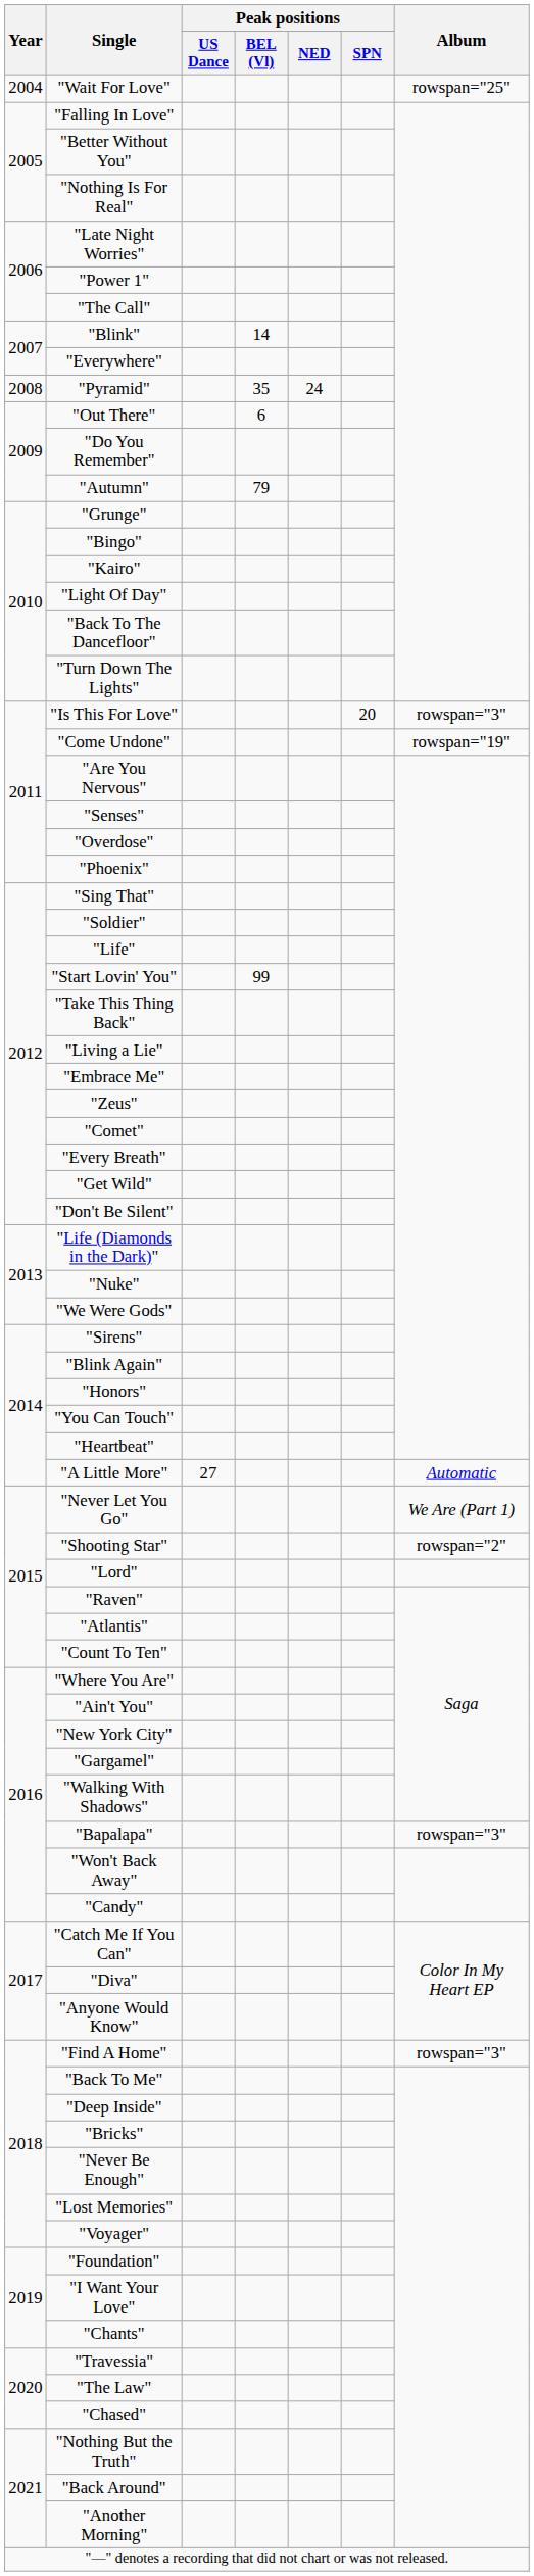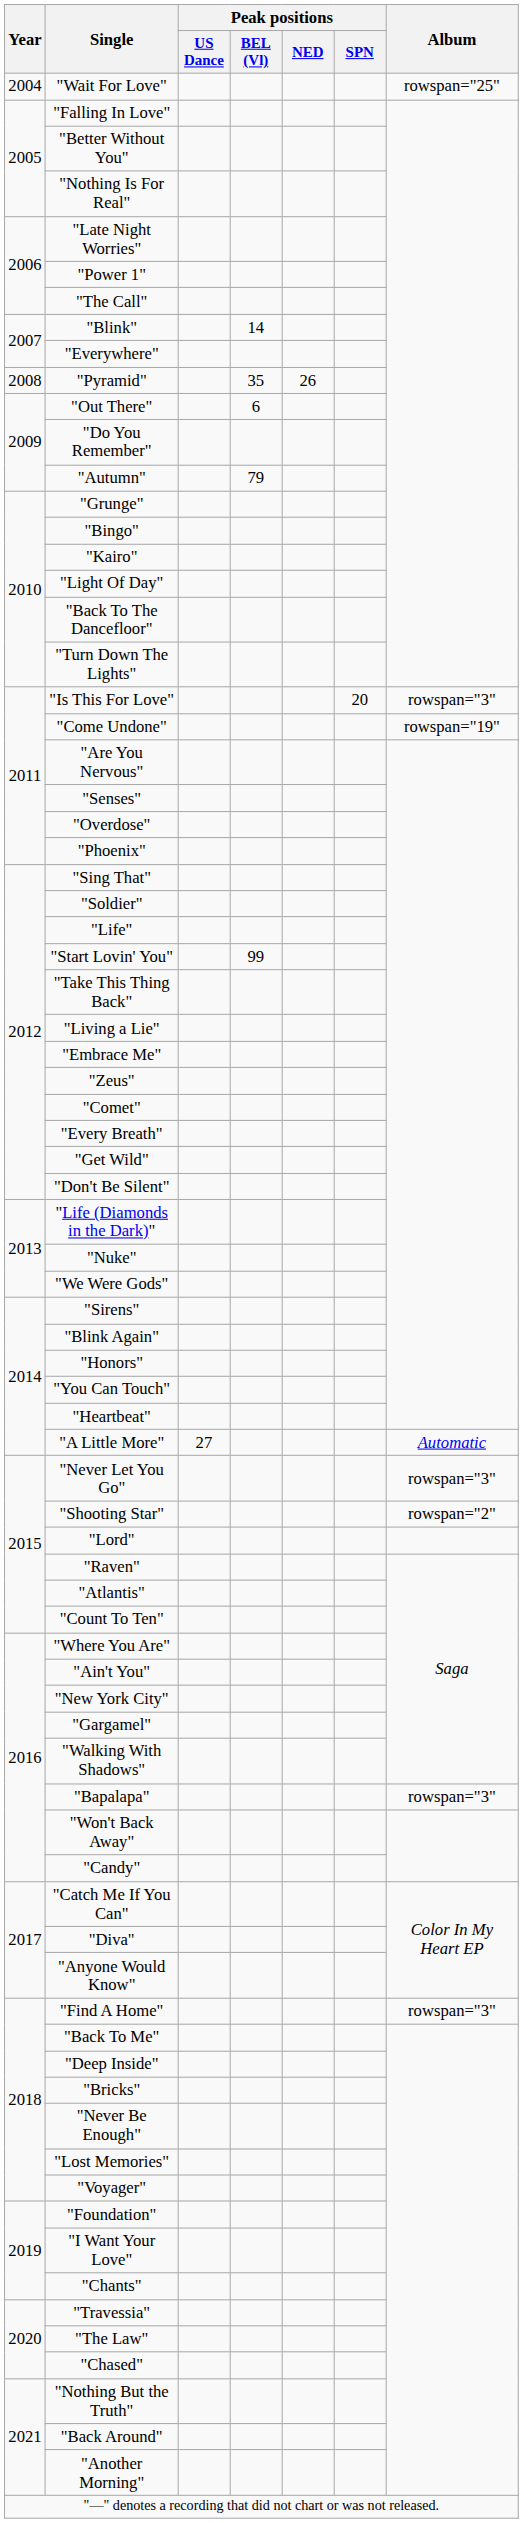 <table class="wikitable plainrowheaders" style="text-align:center;">
 <tr>
 <th align="center" rowspan=2 width="10">Year</th>
 <th align="center" rowspan=2 width="120">Single</th>
 <th align="center" colspan=4 width="30">Peak positions</th>
 <th align="center" rowspan=2 width="120">Album</th>
 </tr>
 <tr>
 <th scope="col" style="width:3em;font-size:90%;"><a href='#'>US Dance</a> <br></th>
 <th scope="col" style="width:3em;font-size:90%;"><a href='#'>BEL <br>(Vl)</a> <br></th>
 <th scope="col" style="width:3em;font-size:90%;"><a href='#'>NED</a></th>
 <th scope="col" style="width:3em;font-size:90%;"><a href='#'>SPN</a></th>
 </tr>
 <tr>
 <td>2004</td>
 <td>"Wait For Love"</td>
 <td align="center"></td>
 <td align="center"></td>
 <td align="center"></td>
 <td align="center"></td>
 <td>rowspan="25" </td>
 </tr>
 <tr>
 <td rowspan="3">2005</td>
 <td>"Falling In Love" <br> </td>
 <td align="center"></td>
 <td align="center"></td>
 <td align="center"></td>
 <td align="center"></td>
 </tr>
 <tr>
 <td>"Better Without You"</td>
 <td align="center"></td>
 <td align="center"></td>
 <td align="center"></td>
 <td align="center"></td>
 </tr>
 <tr>
 <td>"Nothing Is For Real" <br> </td>
 <td align="center"></td>
 <td align="center"></td>
 <td align="center"></td>
 <td align="center"></td>
 </tr>
 <tr>
 <td rowspan="3">2006</td>
 <td>"Late Night Worries" <br> </td>
 <td align="center"></td>
 <td align="center"></td>
 <td align="center"></td>
 <td align="center"></td>
 </tr>
 <tr>
 <td>"Power 1"</td>
 <td align="center"></td>
 <td align="center"></td>
 <td align="center"></td>
 <td align="center"></td>
 </tr>
 <tr>
 <td>"The Call" <br> </td>
 <td align="center"></td>
 <td align="center"></td>
 <td align="center"></td>
 <td align="center"></td>
 </tr>
 <tr>
 <td align="center" rowspan=2>2007</td>
 <td>"Blink"</td>
 <td align="center"></td>
 <td align="center">14<br></td>
 <td align="center"></td>
 <td align="center"></td>
 </tr>
 <tr>
 <td>"Everywhere" <br></td>
 <td align="center"></td>
 <td align="center"></td>
 <td align="center"></td>
 <td align="center"></td>
 </tr>
 <tr>
 <td align="center" rowspan=1>2008</td>
 <td>"Pyramid"</td>
 <td align="center"></td>
 <td align="center">35<br></td>
-<td align="center">24</td>
+<td align="center">26</td>
 <td align="center"></td>
 </tr>
 <tr>
 <td align="center" rowspan=3>2009</td>
 <td>"Out There" <br> </td>
 <td align="center"></td>
 <td align="center">6 <br></td>
 <td align="center"></td>
 <td align="center"></td>
 </tr>
 <tr>
 <td>"Do You Remember" </td>
 <td align="center"></td>
 <td align="center"></td>
 <td align="center"></td>
 <td align="center"></td>
 </tr>
 <tr>
 <td>"Autumn"</td>
 <td align="center"></td>
 <td align="center">79 <br></td>
 <td align="center"></td>
 <td align="center"></td>
 </tr>
 <tr>
 <td align="center" rowspan=6>2010</td>
 <td>"Grunge"</td>
 <td align="center"></td>
 <td align="center"></td>
 <td align="center"></td>
 <td align="center"></td>
 </tr>
 <tr>
 <td>"Bingo" <br></td>
 <td align="center"></td>
 <td align="center"></td>
 <td align="center"></td>
 <td align="center"></td>
 </tr>
 <tr>
 <td>"Kairo"</td>
 <td align="center"></td>
 <td align="center"></td>
 <td align="center"></td>
 <td align="center"></td>
 </tr>
 <tr>
 <td>"Light Of Day" <br></td>
 <td align="center"></td>
 <td align="center"></td>
 <td align="center"></td>
 <td align="center"></td>
 </tr>
 <tr>
 <td>"Back To The Dancefloor"</td>
 <td align="center"></td>
 <td align="center"></td>
 <td align="center"></td>
 <td align="center"></td>
 </tr>
 <tr>
 <td>"Turn Down The Lights" <br></td>
 <td align="center"></td>
 <td align="center"></td>
 <td align="center"></td>
 <td align="center"></td>
 </tr>
 <tr>
 <td align="center" rowspan=6>2011</td>
 <td>"Is This For Love"<br></td>
 <td align="center"></td>
 <td align="center"></td>
 <td align="center"></td>
 <td align="center">20</td>
 <td>rowspan="3" </td>
 </tr>
 <tr>
 <td>"Come Undone" <br></td>
 <td align="center"></td>
 <td align="center"></td>
 <td align="center"></td>
 <td align="center"></td>
 <td>rowspan="19" </td>
 </tr>
 <tr>
 <td>"Are You Nervous"</td>
 <td align="center"></td>
 <td align="center"></td>
 <td align="center"></td>
 <td align="center"></td>
 </tr>
 <tr>
 <td>"Senses" <br></td>
 <td align="center"></td>
 <td align="center"></td>
 <td align="center"></td>
 <td align="center"></td>
 </tr>
 <tr>
 <td>"Overdose" </td>
 <td align="center"></td>
 <td align="center"></td>
 <td align="center"></td>
 <td align="center"></td>
 </tr>
 <tr>
 <td>"Phoenix"</td>
 <td align="center"></td>
 <td align="center"></td>
 <td align="center"></td>
 <td align="center"></td>
 </tr>
 <tr>
 <td rowspan="12" align="center">2012</td>
 <td>"Sing That"</td>
 <td align="center"></td>
 <td align="center"></td>
 <td align="center"></td>
 <td align="center"></td>
 </tr>
 <tr>
 <td>"Soldier"</td>
 <td align="center"></td>
 <td align="center"></td>
 <td align="center"></td>
 <td align="center"></td>
 </tr>
 <tr>
 <td>"Life" </td>
 <td align="center"></td>
 <td align="center"></td>
 <td align="center"></td>
 <td align="center"></td>
 </tr>
 <tr>
 <td>"Start Lovin' You"</td>
 <td align="center"></td>
 <td align="center">99 <br></td>
 <td align="center"></td>
 <td align="center"></td>
 </tr>
 <tr>
 <td>"Take This Thing Back" </td>
 <td align="center"></td>
 <td align="center"></td>
 <td align="center"></td>
 <td align="center"></td>
 </tr>
 <tr>
 <td>"Living a Lie" <br></td>
 <td align="center"></td>
 <td align="center"></td>
 <td align="center"></td>
 <td align="center"></td>
 </tr>
 <tr>
 <td>"Embrace Me" <br></td>
 <td align="center"></td>
 <td align="center"></td>
 <td align="center"></td>
 <td align="center"></td>
 </tr>
 <tr>
 <td>"Zeus"</td>
 <td align="center"></td>
 <td align="center"></td>
 <td align="center"></td>
 <td align="center"></td>
 </tr>
 <tr>
 <td>"Comet"</td>
 <td align="center"></td>
 <td align="center"></td>
 <td align="center"></td>
 <td align="center"></td>
 </tr>
 <tr>
 <td>"Every Breath" <br></td>
 <td align="center"></td>
 <td align="center"></td>
 <td align="center"></td>
 <td align="center"></td>
 </tr>
 <tr>
 <td>"Get Wild"</td>
 <td align="center"></td>
 <td align="center"></td>
 <td align="center"></td>
 <td align="center"></td>
 </tr>
 <tr>
 <td>"Don't Be Silent" <br></td>
 <td align="center"></td>
 <td align="center"></td>
 <td align="center"></td>
 <td align="center"></td>
 </tr>
 <tr>
 <td rowspan="3" align="center">2013</td>
 <td>"<a href='#'>Life (Diamonds in the Dark)</a>" <br></td>
 <td align="center"></td>
 <td align="center"></td>
 <td align="center"></td>
 <td align="center"></td>
 </tr>
 <tr>
 <td>"Nuke"</td>
 <td align="center"></td>
 <td align="center"></td>
 <td align="center"></td>
 <td align="center"></td>
 </tr>
 <tr>
 <td>"We Were Gods" <br></td>
 <td align="center"></td>
 <td align="center"></td>
 <td align="center"></td>
 <td align="center"></td>
 </tr>
 <tr>
 <td rowspan="6" align="center">2014</td>
 <td>"Sirens"</td>
 <td align="center"></td>
 <td align="center"></td>
 <td align="center"></td>
 <td align="center"></td>
 </tr>
 <tr>
 <td>"Blink Again" <br></td>
 <td align="center"></td>
 <td align="center"></td>
 <td align="center"></td>
 <td align="center"></td>
 </tr>
 <tr>
 <td>"Honors" <br></td>
 <td align="center"></td>
 <td align="center"></td>
 <td align="center"></td>
 <td align="center"></td>
 </tr>
 <tr>
 <td>"You Can Touch"</td>
 <td align="center"></td>
 <td align="center"></td>
 <td align="center"></td>
 <td align="center"></td>
 </tr>
 <tr>
 <td>"Heartbeat" <br></td>
 <td align="center"></td>
 <td align="center"></td>
 <td align="center"></td>
 <td align="center"></td>
 </tr>
 <tr>
 <td>"A Little More" <br></td>
 <td align="center">27</td>
 <td align="center"></td>
 <td align="center"></td>
 <td align="center"></td>
 <td align="center"><em><a href='#'>Automatic</a></em></td>
 </tr>
 <tr>
 <td rowspan="6" align="center">2015</td>
 <td>"Never Let You Go" <br></td>
 <td align="center"></td>
 <td align="center"></td>
 <td align="center"></td>
 <td align="center"></td>
-<td rowspan="1" align="center"><em>We Are (Part 1)</em></td>
+<td>rowspan="3" </td>
 </tr>
 <tr>
 <td>"Shooting Star" <br></td>
 <td align="center"></td>
 <td align="center"></td>
 <td align="center"></td>
 <td align="center"></td>
 <td>rowspan="2" </td>
 </tr>
 <tr>
 <td>"Lord" <br></td>
 <td align="center"></td>
 <td align="center"></td>
 <td align="center"></td>
 <td align="center"></td>
 </tr>
 <tr>
 <td>"Raven" <br></td>
 <td align="center"></td>
 <td align="center"></td>
 <td align="center"></td>
 <td align="center"></td>
 <td rowspan="8" align="center"><em>Saga</em></td>
 </tr>
 <tr>
 <td>"Atlantis" <br></td>
 <td align="center"></td>
 <td align="center"></td>
 <td align="center"></td>
 <td align="center"></td>
 </tr>
 <tr>
 <td>"Count To Ten" <br></td>
 <td align="center"></td>
 <td align="center"></td>
 <td align="center"></td>
 <td align="center"></td>
 </tr>
 <tr>
 <td rowspan="8" align="center">2016</td>
 <td>"Where You Are" </td>
 <td align="center"></td>
 <td align="center"></td>
 <td align="center"></td>
 <td align="center"></td>
 </tr>
 <tr>
 <td>"Ain't You"</td>
 <td align="center"></td>
 <td align="center"></td>
 <td align="center"></td>
 <td align="center"></td>
 </tr>
 <tr>
 <td>"New York City" </td>
 <td align="center"></td>
 <td align="center"></td>
 <td align="center"></td>
 <td align="center"></td>
 </tr>
 <tr>
 <td>"Gargamel"</td>
 <td align="center"></td>
 <td align="center"></td>
 <td align="center"></td>
 <td align="center"></td>
 </tr>
 <tr>
 <td>"Walking With Shadows" </td>
 <td align="center"></td>
 <td align="center"></td>
 <td align="center"></td>
 <td align="center"></td>
 </tr>
 <tr>
 <td>"Bapalapa"</td>
 <td align="center"></td>
 <td align="center"></td>
 <td align="center"></td>
 <td align="center"></td>
 <td>rowspan="3" </td>
 </tr>
 <tr>
 <td>"Won't Back Away" <br> </td>
 <td align="center"></td>
 <td align="center"></td>
 <td align="center"></td>
 <td align="center"></td>
 </tr>
 <tr>
 <td>"Candy"</td>
 <td align="center"></td>
 <td align="center"></td>
 <td align="center"></td>
 <td align="center"></td>
 </tr>
 <tr>
 <td rowspan="3" align="center">2017</td>
 <td>"Catch Me If You Can" <br> </td>
 <td align="center"></td>
 <td align="center"></td>
 <td align="center"></td>
 <td align="center"></td>
 <td rowspan="3" align="center"><em>Color In My Heart EP</em></td>
 </tr>
 <tr>
 <td>"Diva"</td>
 <td align="center"></td>
 <td align="center"></td>
 <td align="center"></td>
 <td align="center"></td>
 </tr>
 <tr>
 <td>"Anyone Would Know"<br></td>
 <td align="center"></td>
 <td align="center"></td>
 <td align="center"></td>
 <td align="center"></td>
 </tr>
 <tr>
 <td rowspan="7" align="center">2018</td>
 <td>"Find A Home"</td>
 <td align="center"></td>
 <td align="center"></td>
 <td align="center"></td>
 <td align="center"></td>
 <td>rowspan="3" </td>
 </tr>
 <tr>
 <td>"Back To Me"<br></td>
 <td align="center"></td>
 <td align="center"></td>
 <td align="center"></td>
 <td align="center"></td>
 </tr>
 <tr>
 <td>"Deep Inside"</td>
 <td align="center"></td>
 <td align="center"></td>
 <td align="center"></td>
 <td align="center"></td>
 </tr>
 <tr>
 <td>"Bricks"</td>
 <td></td>
 <td></td>
 <td></td>
 <td></td>
 </tr>
 <tr>
 <td>"Never Be Enough" <br></td>
 <td></td>
 <td></td>
 <td></td>
 <td></td>
 </tr>
 <tr>
 <td>"Lost Memories"</td>
 <td></td>
 <td></td>
 <td></td>
 <td></td>
 </tr>
 <tr>
 <td>"Voyager"</td>
 <td></td>
 <td></td>
 <td></td>
 <td></td>
 </tr>
 <tr>
 <td rowspan="3">2019</td>
 <td>"Foundation"</td>
 <td></td>
 <td></td>
 <td></td>
 <td></td>
 </tr>
 <tr>
 <td>"I Want Your Love"</td>
 <td></td>
 <td></td>
 <td></td>
 <td></td>
 </tr>
 <tr>
 <td>"Chants" <br></td>
 <td></td>
 <td></td>
 <td></td>
 <td></td>
 </tr>
 <tr>
 <td rowspan="3">2020</td>
 <td>"Travessia" <br></td>
 <td></td>
 <td></td>
 <td></td>
 <td></td>
 </tr>
 <tr>
 <td>"The Law" <br></td>
 <td></td>
 <td></td>
 <td></td>
 <td></td>
 </tr>
 <tr>
 <td>"Chased"</td>
 <td></td>
 <td></td>
 <td></td>
 <td></td>
 </tr>
 <tr>
 <td rowspan="3">2021</td>
 <td>"Nothing But the Truth"</td>
 <td></td>
 <td></td>
 <td></td>
 <td></td>
 </tr>
 <tr>
 <td>"Back Around" <br></td>
 <td></td>
 <td></td>
 <td></td>
 <td></td>
 </tr>
 <tr>
 <td>"Another Morning"</td>
 <td></td>
 <td></td>
 <td></td>
 <td></td>
 </tr>
 <tr>
 <td colspan="7" style="font-size:85%">"—" denotes a recording that did not chart or was not released.</td>
 </tr>
 </table>
